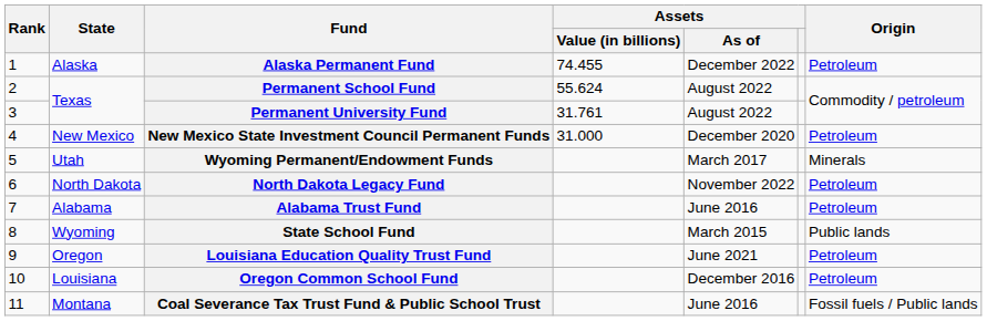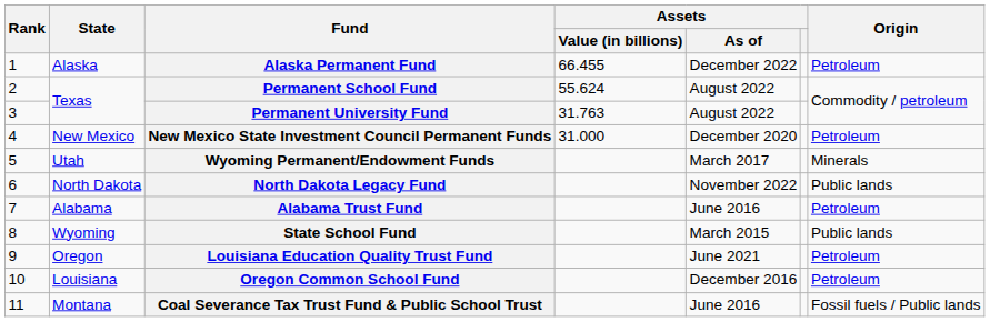 <table class="wikitable sortable plainrowheaders" style="valign: top;">
 <tr>
 <th scope="col" rowspan="2">Rank</th>
 <th scope="col" rowspan="2">State</th>
 <th scope="col" rowspan="2">Fund</th>
 <th scope="col" colspan="3">Assets</th>
 <th scope="col" rowspan="2">Origin</th>
 </tr>
 <tr>
 <th scope="col" data-sort-type="number">Value (in billions)</th>
 <th scope="col" data-sort-type="date">As of</th>
 <th scope="col"></th>
 </tr>
 <tr>
 <td>1</td>
 <td><a href='#'>Alaska</a></td>
 <th scope="row"><a href='#'>Alaska Permanent Fund</a></th>
-<td>74.455</td>
+<td>66.455</td>
 <td>December 2022</td>
 <td></td>
 <td><a href='#'>Petroleum</a></td>
 </tr>
 <tr>
 <td>2</td>
 <td rowspan="2"><a href='#'>Texas</a></td>
 <th scope="row"><a href='#'>Permanent School Fund</a></th>
 <td>55.624</td>
 <td>August 2022</td>
 <td></td>
 <td rowspan="2">Commodity / <a href='#'>petroleum</a></td>
 </tr>
 <tr>
 <td>3</td>
 <th scope="row"><a href='#'>Permanent University Fund</a></th>
-<td>31.761</td>
+<td>31.763</td>
 <td>August 2022</td>
 <td></td>
 </tr>
 <tr>
 <td>4</td>
 <td><a href='#'>New Mexico</a></td>
 <th scope="row">New Mexico State Investment Council Permanent Funds</th>
 <td>31.000</td>
 <td>December 2020</td>
 <td></td>
 <td><a href='#'>Petroleum</a></td>
 </tr>
 <tr>
 <td>5</td>
 <td><a href='#'>Utah</a></td>
 <th scope="row">Wyoming Permanent/Endowment Funds</th>
 <td></td>
 <td>March 2017</td>
 <td></td>
 <td>Minerals</td>
 </tr>
 <tr>
 <td>6</td>
 <td><a href='#'>North Dakota</a></td>
 <th scope="row"><a href='#'>North Dakota Legacy Fund</a></th>
 <td></td>
 <td>November 2022</td>
 <td></td>
-<td><a href='#'>Petroleum</a></td>
+<td>Public lands</td>
 </tr>
 <tr>
 <td>7</td>
 <td><a href='#'>Alabama</a></td>
 <th scope="row"><a href='#'>Alabama Trust Fund</a></th>
 <td></td>
 <td>June 2016</td>
 <td></td>
 <td><a href='#'>Petroleum</a></td>
 </tr>
 <tr>
 <td>8</td>
 <td><a href='#'>Wyoming</a></td>
 <th scope="row">State School Fund</th>
 <td></td>
 <td>March 2015</td>
 <td></td>
 <td>Public lands</td>
 </tr>
 <tr>
 <td>9</td>
 <td><a href='#'>Oregon</a></td>
 <th scope="row"><a href='#'>Louisiana Education Quality Trust Fund</a></th>
 <td></td>
 <td>June 2021</td>
 <td></td>
 <td><a href='#'>Petroleum</a></td>
 </tr>
 <tr>
 <td>10</td>
 <td><a href='#'>Louisiana</a></td>
 <th scope="row"><a href='#'>Oregon Common School Fund</a></th>
 <td></td>
 <td>December 2016</td>
 <td></td>
 <td><a href='#'>Petroleum</a></td>
 </tr>
 <tr>
 <td>11</td>
 <td><a href='#'>Montana</a></td>
 <th scope="row">Coal Severance Tax Trust Fund & Public School Trust</th>
 <td></td>
 <td>June 2016</td>
 <td></td>
 <td>Fossil fuels / Public lands</td>
 </tr>
 </table>
